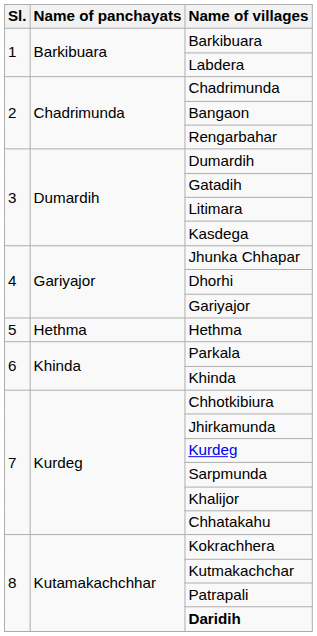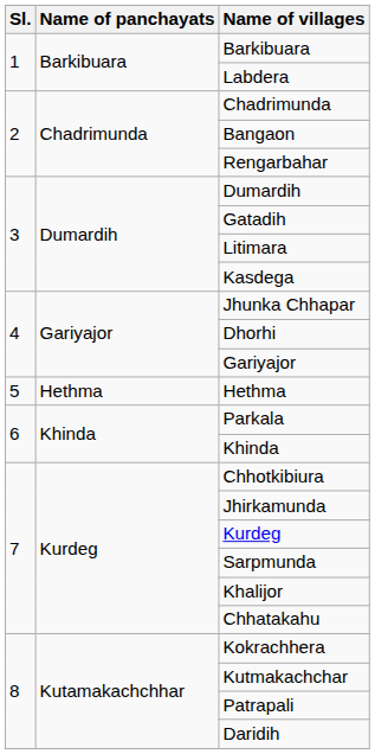 <table class="wikitable plainrowheaders sortable">
 <tr>
 <th scope="col">Sl.</th>
 <th scope="col">Name of panchayats</th>
 <th scope="col">Name of villages</th>
 </tr>
 <tr>
 <td rowspan="2">1</td>
 <td rowspan="2">Barkibuara</td>
 <td>Barkibuara</td>
 </tr>
 <tr>
 <td>Labdera</td>
 </tr>
 <tr>
 <td rowspan="3">2</td>
 <td rowspan="3">Chadrimunda</td>
 <td>Chadrimunda</td>
 </tr>
 <tr>
 <td>Bangaon</td>
 </tr>
 <tr>
 <td>Rengarbahar</td>
 </tr>
 <tr>
 <td rowspan="4">3</td>
 <td rowspan="4">Dumardih</td>
 <td>Dumardih</td>
 </tr>
 <tr>
 <td>Gatadih</td>
 </tr>
 <tr>
 <td>Litimara</td>
 </tr>
 <tr>
 <td>Kasdega</td>
 </tr>
 <tr>
 <td rowspan="3">4</td>
 <td rowspan="3">Gariyajor</td>
 <td>Jhunka Chhapar</td>
 </tr>
 <tr>
 <td>Dhorhi</td>
 </tr>
 <tr>
 <td>Gariyajor  </td>
 </tr>
 <tr>
 <td>5</td>
 <td>Hethma</td>
 <td>Hethma</td>
 </tr>
 <tr>
 <td rowspan="2">6</td>
 <td rowspan="2">Khinda</td>
 <td>Parkala</td>
 </tr>
 <tr>
 <td>Khinda</td>
 </tr>
 <tr>
 <td rowspan="6">7</td>
 <td rowspan="6">Kurdeg</td>
 <td>Chhotkibiura</td>
 </tr>
 <tr>
 <td>Jhirkamunda</td>
 </tr>
 <tr>
 <td><a href='#'>Kurdeg</a></td>
 </tr>
 <tr>
 <td>Sarpmunda</td>
 </tr>
 <tr>
 <td>Khalijor</td>
 </tr>
 <tr>
 <td>Chhatakahu  </td>
 </tr>
 <tr>
 <td rowspan="4">8</td>
 <td rowspan="4">Kutamakachchhar</td>
 <td>Kokrachhera</td>
 </tr>
 <tr>
 <td>Kutmakachchar</td>
 </tr>
 <tr>
 <td>Patrapali</td>
 </tr>
 <tr>
-<td><strong>Daridih</strong></td>
+<td>Daridih</td>
 </tr>
 <tr>
 </tr>
 </table>
